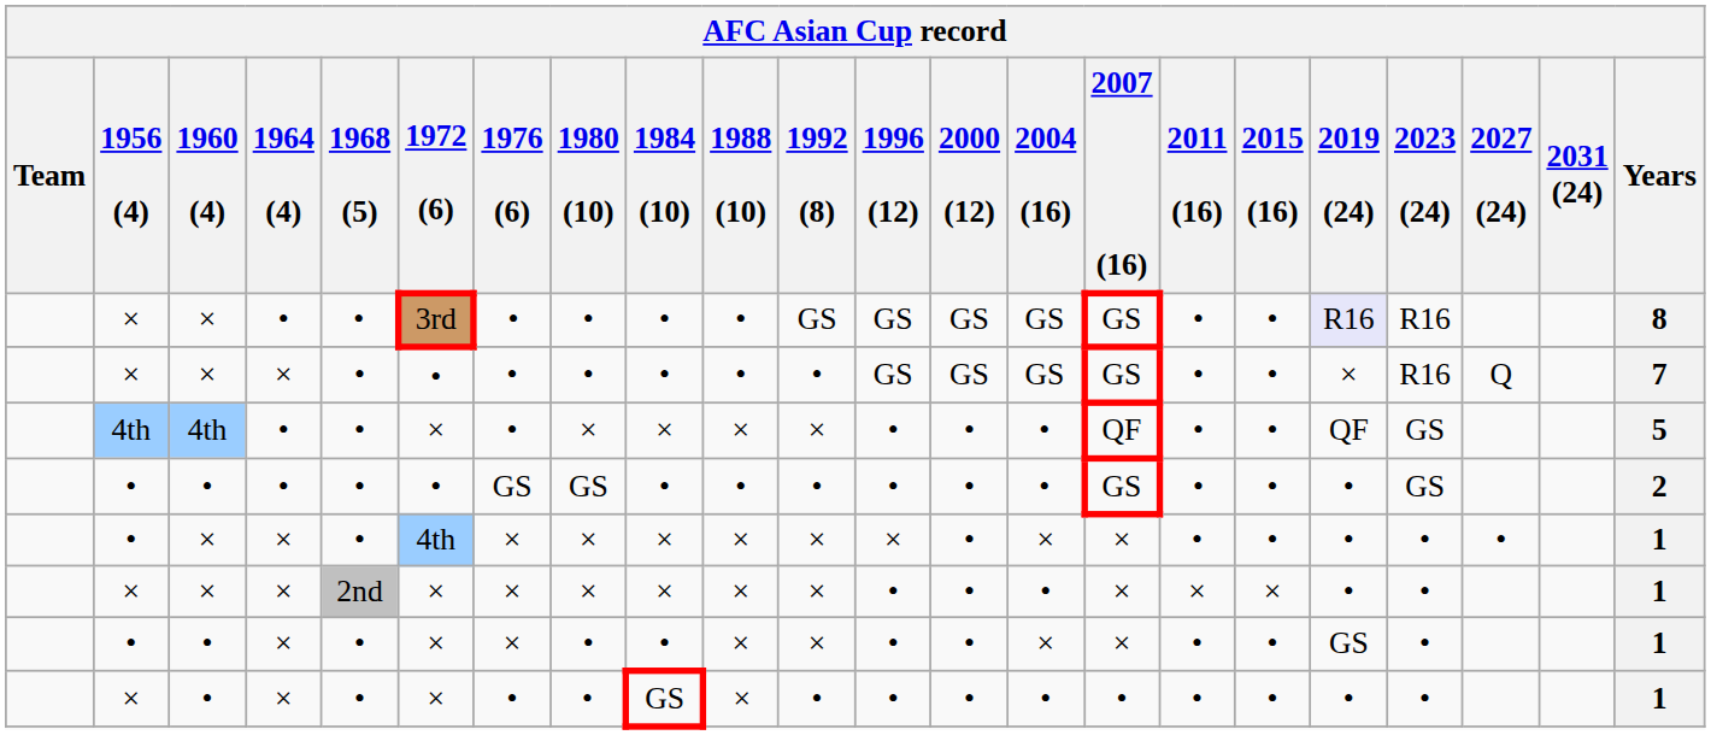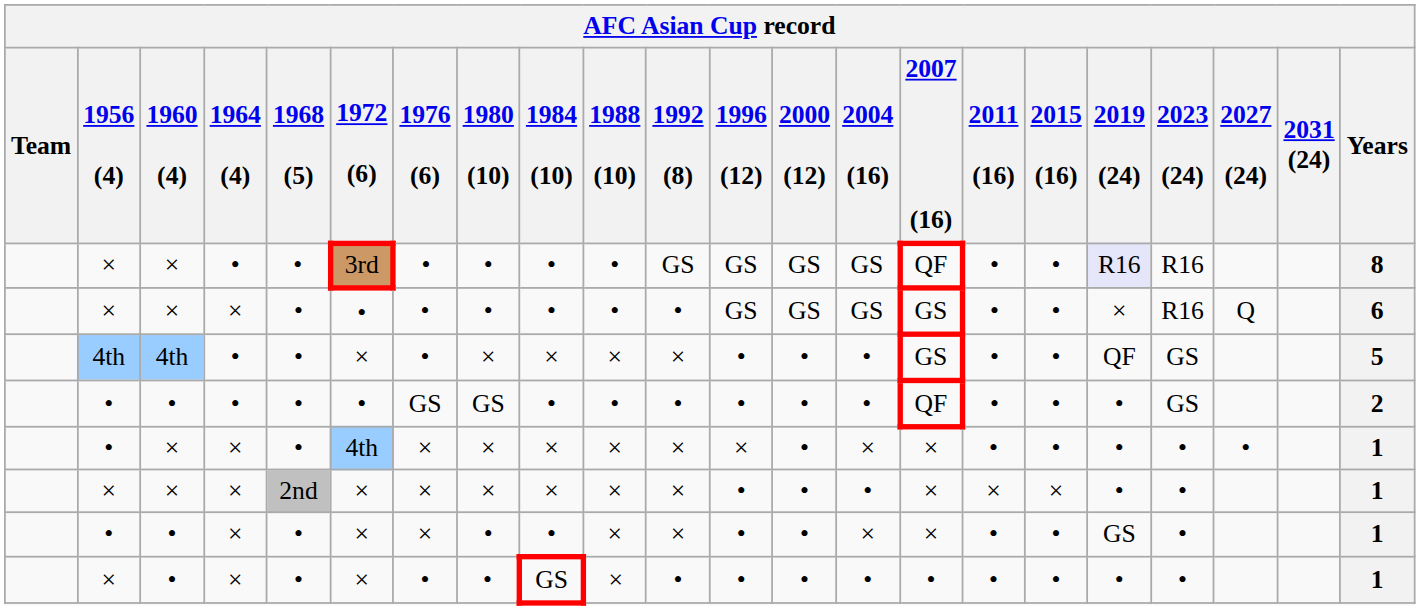 <table class="wikitable" style="text-align: center; font-size:90%;">
 <tr>
 <th colspan=22><a href='#'>AFC Asian Cup</a> record</th>
 </tr>
 <tr>
 <th>Team</th>
 <th><a href='#'>1956</a><br><br>(4)</th>
 <th><a href='#'>1960</a><br><br>(4)</th>
 <th><a href='#'>1964</a><br><br>(4)</th>
 <th><a href='#'>1968</a><br><br>(5)</th>
 <th><a href='#'>1972</a><br><br>(6)</th>
 <th><a href='#'>1976</a><br><br>(6)</th>
 <th><a href='#'>1980</a><br><br>(10)</th>
 <th><a href='#'>1984</a><br><br>(10)</th>
 <th><a href='#'>1988</a><br><br>(10)</th>
 <th><a href='#'>1992</a><br><br>(8)</th>
 <th><a href='#'>1996</a><br><br>(12)</th>
 <th><a href='#'>2000</a><br><br>(12)</th>
 <th><a href='#'>2004</a><br><br>(16)</th>
 <th><a href='#'>2007</a><br><br><br><br><br>(16)</th>
 <th><a href='#'>2011</a><br><br>(16)</th>
 <th><a href='#'>2015</a><br><br>(16)</th>
 <th><a href='#'>2019</a><br><br>(24)</th>
 <th><a href='#'>2023</a><br><br>(24)</th>
 <th><a href='#'>2027</a><br> <br> (24)</th>
 <th><a href='#'>2031</a> <br>   (24)</th>
 <th>Years</th>
 </tr>
 <tr>
 <td align=left></td>
 <td>×</td>
 <td>×</td>
 <td>•</td>
 <td>•</td>
 <td style="border: 3px solid red" bgcolor="#cc9966">3rd</td>
 <td>•</td>
 <td>•</td>
 <td>•</td>
 <td>•</td>
 <td>GS</td>
 <td>GS</td>
 <td>GS</td>
 <td>GS</td>
-<td style="border: 3px solid red">GS</td>
+<td style="border: 3px solid red">QF</td>
 <td>•</td>
 <td>•</td>
 <td style="background: lavender;">R16</td>
 <td>R16</td>
 <td></td>
 <td></td>
 <th><strong>8</strong></th>
 </tr>
 <tr>
 <td align=left></td>
 <td>×</td>
 <td>×</td>
 <td>×</td>
 <td>•</td>
 <td>•</td>
 <td>•</td>
 <td>•</td>
 <td>•</td>
 <td>•</td>
 <td>•</td>
 <td>GS</td>
 <td>GS</td>
 <td>GS</td>
 <td style="border: 3px solid red">GS</td>
 <td>•</td>
 <td>•</td>
 <td>×</td>
 <td>R16</td>
 <td>Q</td>
 <td></td>
-<th><strong>7</strong></th>
+<th><strong>6</strong></th>
 </tr>
 <tr>
 <td align=left></td>
 <td bgcolor=#9acdff>4th</td>
 <td bgcolor=#9acdff>4th</td>
 <td>•</td>
 <td>•</td>
 <td>×</td>
 <td>•</td>
 <td>×</td>
 <td>×</td>
 <td>×</td>
 <td>×</td>
 <td>•</td>
 <td>•</td>
 <td>•</td>
-<td style="border: 3px solid red">QF</td>
+<td style="border: 3px solid red">GS</td>
 <td>•</td>
 <td>•</td>
 <td>QF</td>
 <td>GS</td>
 <td></td>
 <td></td>
 <th><strong>5</strong></th>
 </tr>
 <tr>
 <td align=left></td>
 <td>•</td>
 <td>•</td>
 <td>•</td>
 <td>•</td>
 <td>•</td>
 <td>GS</td>
 <td>GS</td>
 <td>•</td>
 <td>•</td>
 <td>•</td>
 <td>•</td>
 <td>•</td>
 <td>•</td>
-<td style="border: 3px solid red">GS</td>
+<td style="border: 3px solid red">QF</td>
 <td>•</td>
 <td>•</td>
 <td>•</td>
 <td>GS</td>
 <td></td>
 <td></td>
 <th><strong>2</strong></th>
 </tr>
 <tr>
 <td align=left></td>
 <td>•</td>
 <td>×</td>
 <td>×</td>
 <td>•</td>
 <td bgcolor=#9acdff>4th</td>
 <td>×</td>
 <td>×</td>
 <td>×</td>
 <td>×</td>
 <td>×</td>
 <td>×</td>
 <td>•</td>
 <td>×</td>
 <td>×</td>
 <td>•</td>
 <td>•</td>
 <td>•</td>
 <td>•</td>
 <td>•</td>
 <td></td>
 <th><strong>1</strong></th>
 </tr>
 <tr>
 <td align=left></td>
 <td>×</td>
 <td>×</td>
 <td>×</td>
 <td bgcolor="Silver">2nd</td>
 <td>×</td>
 <td>×</td>
 <td>×</td>
 <td>×</td>
 <td>×</td>
 <td>×</td>
 <td>•</td>
 <td>•</td>
 <td>•</td>
 <td>×</td>
 <td>×</td>
 <td>×</td>
 <td>•</td>
 <td>•</td>
 <td></td>
 <td></td>
 <th><strong>1</strong></th>
 </tr>
 <tr>
 <td align=left></td>
 <td>•</td>
 <td>•</td>
 <td>×</td>
 <td>•</td>
 <td>×</td>
 <td>×</td>
 <td>•</td>
 <td>•</td>
 <td>×</td>
 <td>×</td>
 <td>•</td>
 <td>•</td>
 <td>×</td>
 <td>×</td>
 <td>•</td>
 <td>•</td>
 <td>GS</td>
 <td>•</td>
 <td></td>
 <td></td>
 <th><strong>1</strong></th>
 </tr>
 <tr>
 <td align=left></td>
 <td>×</td>
 <td>•</td>
 <td>×</td>
 <td>•</td>
 <td>×</td>
 <td>•</td>
 <td>•</td>
 <td style="border: 3px solid red">GS</td>
 <td>×</td>
 <td>•</td>
 <td>•</td>
 <td>•</td>
 <td>•</td>
 <td>•</td>
 <td>•</td>
 <td>•</td>
 <td>•</td>
 <td>•</td>
 <td></td>
 <td></td>
 <th>1</th>
 </tr>
 </table>
